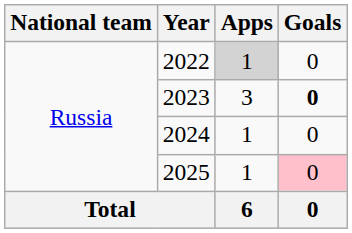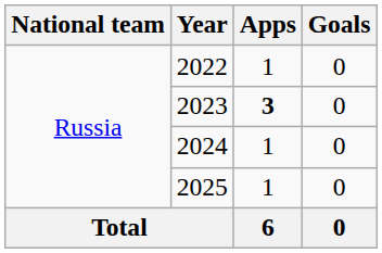 <table class="wikitable" style="text-align:center">
 <tr>
 <th>National team</th>
 <th>Year</th>
 <th>Apps</th>
 <th>Goals</th>
 </tr>
 <tr>
 <td rowspan="4"><a href='#'>Russia</a></td>
 <td>2022</td>
-<td style="background: lightgrey;">1</td>
+<td>1</td>
 <td>0</td>
 </tr>
 <tr>
 <td>2023</td>
-<td>3</td>
-<td><strong>0</strong></td>
+<td><strong>3</strong></td>
+<td>0</td>
 </tr>
 <tr>
 <td>2024</td>
 <td>1</td>
 <td>0</td>
 </tr>
 <tr>
 <td>2025</td>
 <td>1</td>
-<td style="background: pink;">0</td>
+<td>0</td>
 </tr>
 <tr>
 <th colspan="2">Total</th>
 <th>6</th>
 <th>0</th>
 </tr>
 </table>
